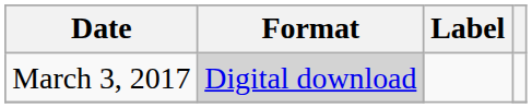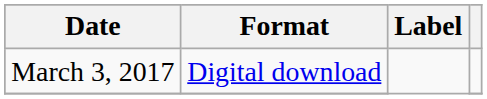 <table class="wikitable plainrowheaders">
 <tr>
 <th scope="col">Date</th>
 <th scope="col">Format</th>
 <th scope="col">Label</th>
 <th scope="col"></th>
 </tr>
 <tr>
 <td>March 3, 2017</td>
-<td style="background: lightgrey;"><a href='#'>Digital download</a></td>
+<td><a href='#'>Digital download</a></td>
 <td rowspan="3"></td>
 <td></td>
 </tr>
 <tr>
 </tr>
 </table>
